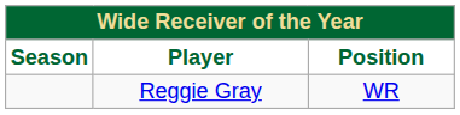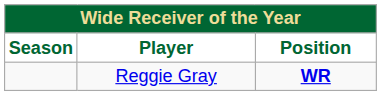 <table class="wikitable sortable" style="text-align:center">
 <tr>
 <td colspan="4" style="background:#063; color:	#ed9;"><strong>Wide Receiver of the Year</strong></td>
 </tr>
 <tr>
 <th style="width:50px; background:white; color:#063;">Season</th>
 <th style="width:150px; background:white; color:#063;">Player</th>
 <th style="width:100px; background:white; color:#063;">Position</th>
 </tr>
 <tr>
 <td></td>
 <td><a href='#'>Reggie Gray</a></td>
-<td><a href='#'>WR</a></td>
+<td><strong><a href='#'>WR</a></strong></td>
 </tr>
 </table>
